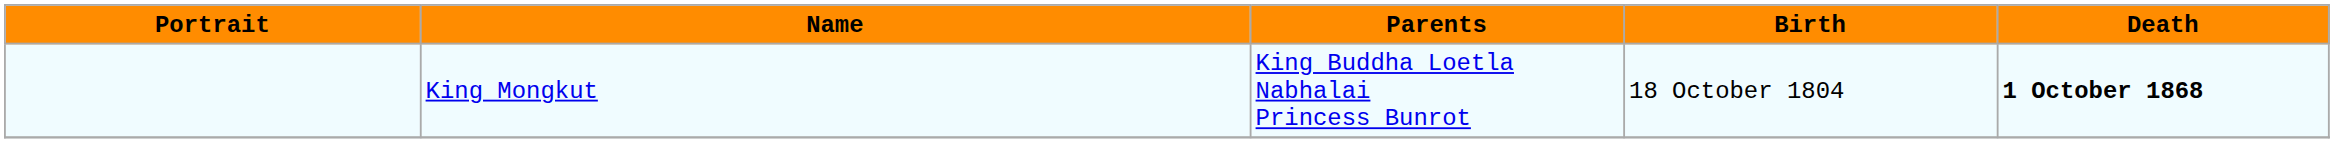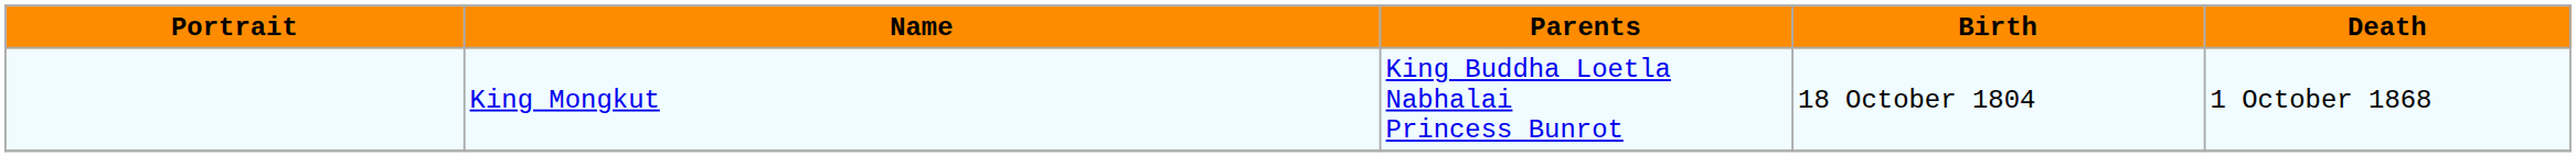 <table width=100% class="wikitable">
 <tr>
 <th style="background-color:#ff8c00" width=10%>Portrait</th>
 <th style="background-color:#ff8c00" width=20%>Name</th>
 <th style="background-color:#ff8c00" width=9%>Parents</th>
 <th style="background-color:#ff8c00" width=9%>Birth</th>
 <th style="background-color:#ff8c00" width=8%>Death</th>
 </tr>
 <tr bgcolor=f0fcff>
 <td align="center"></td>
 <td><a href='#'>King Mongkut</a><br></td>
 <td><a href='#'>King Buddha Loetla Nabhalai</a><br><a href='#'>Princess Bunrot</a></td>
 <td>18 October 1804</td>
-<td><strong>1 October 1868</strong></td>
+<td>1 October 1868</td>
 </tr>
 <tr>
 </tr>
 </table>
